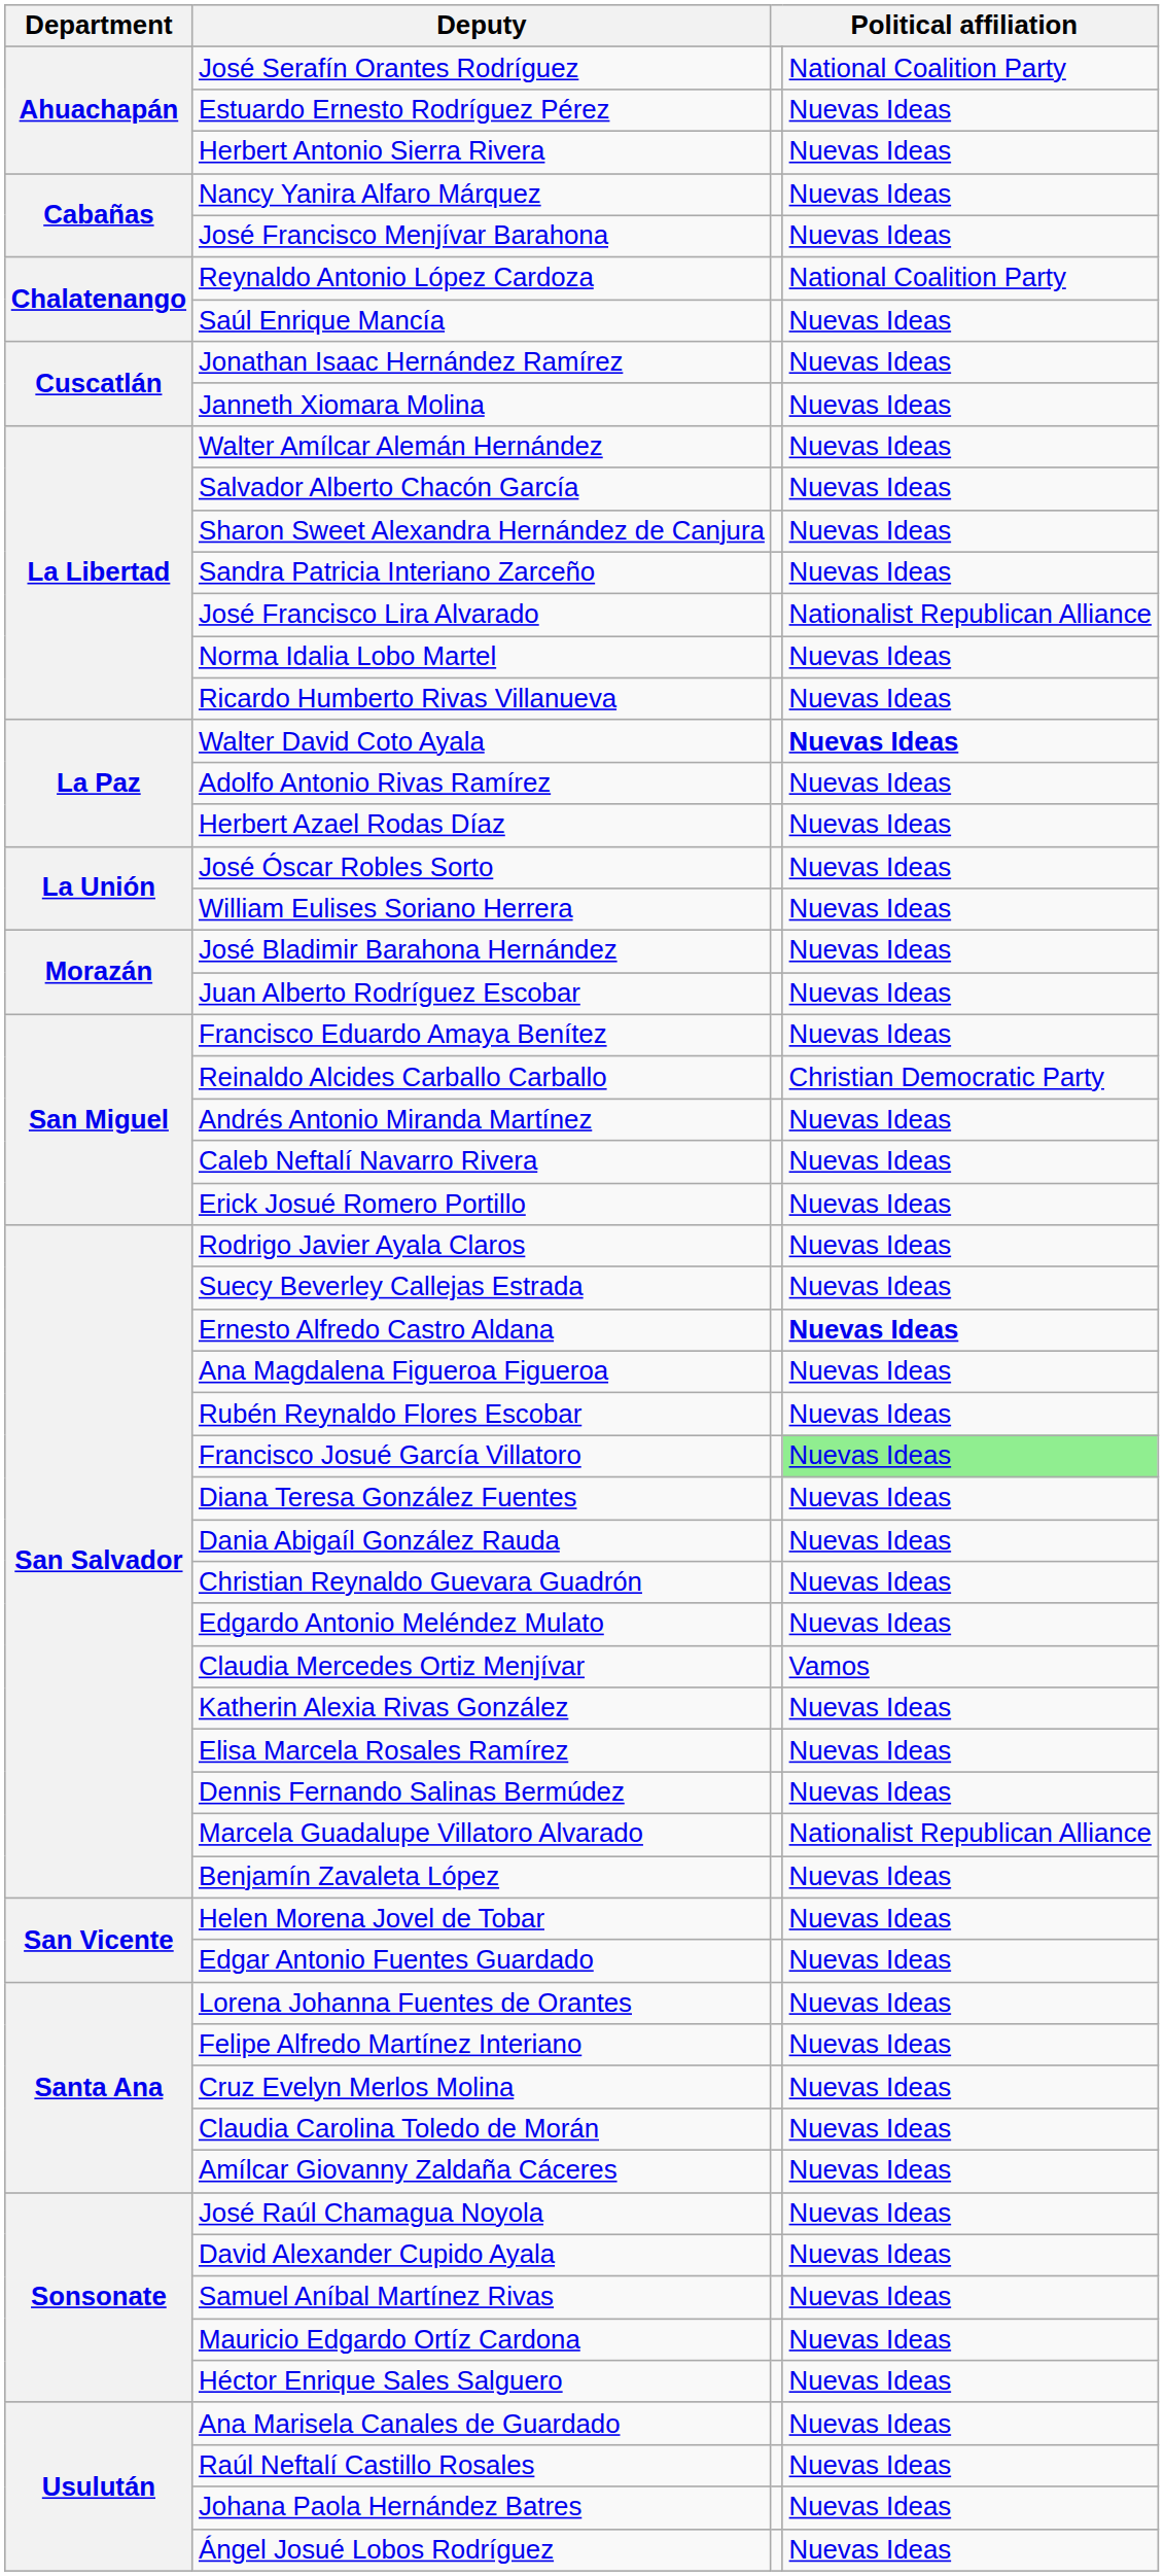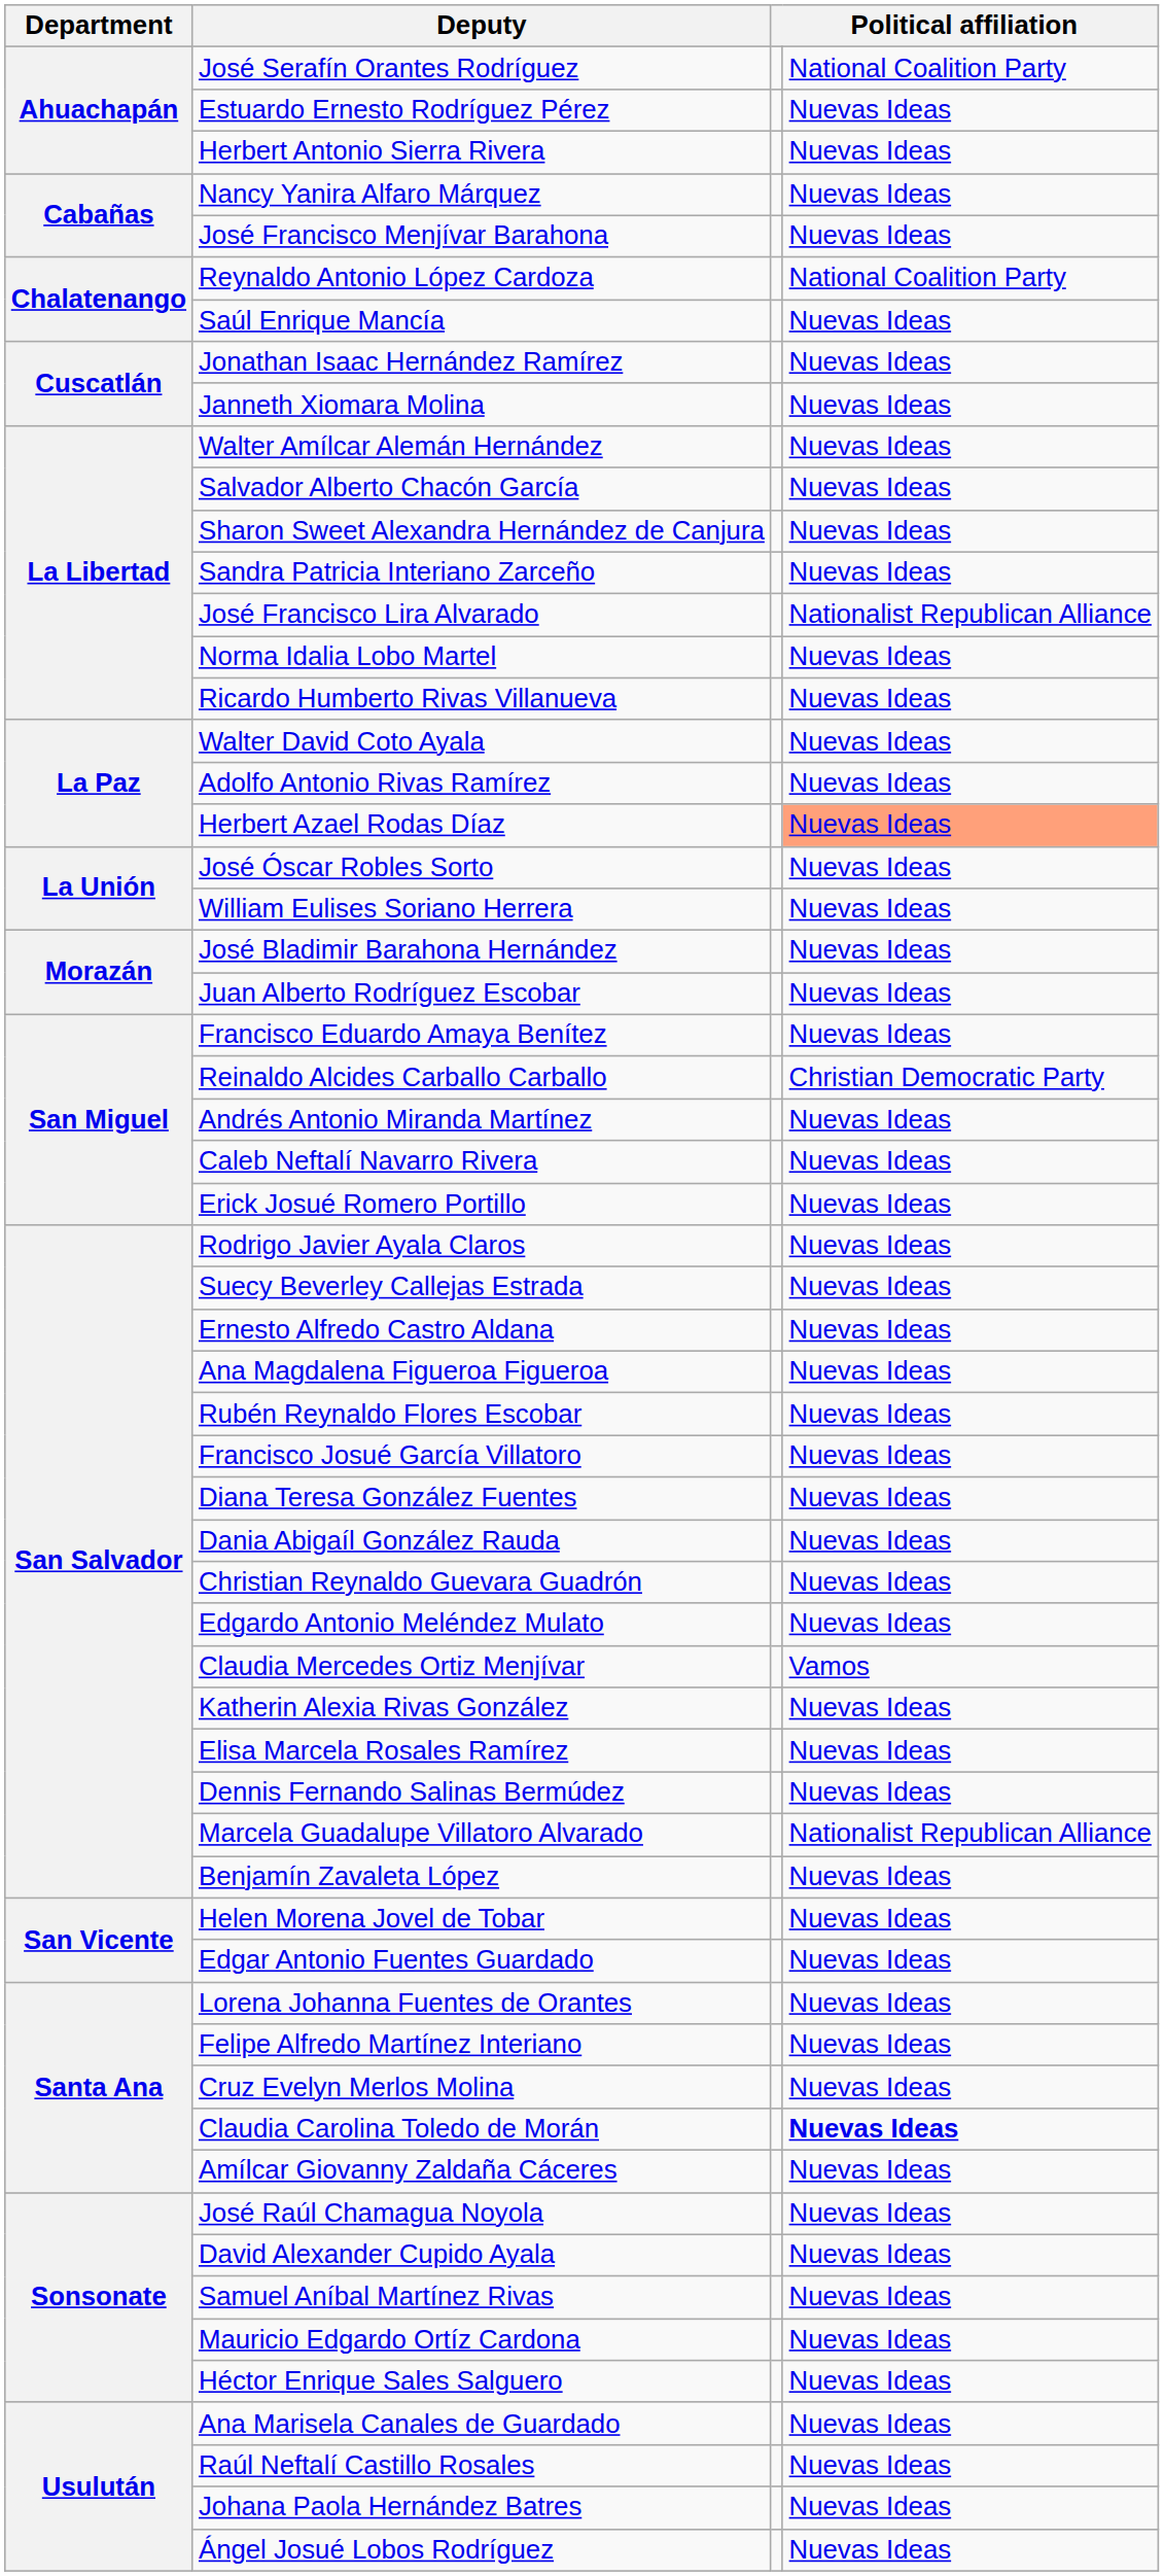 <table class="wikitable sortable">
 <tr>
 <th>Department</th>
 <th>Deputy</th>
 <th colspan="2">Political affiliation</th>
 </tr>
 <tr>
 <th rowspan="3"><a href='#'>Ahuachapán</a></th>
 <td data-sort-value="Orantes Rodriguez, Jose Serafin"><a href='#'>José Serafín Orantes Rodríguez</a></td>
 <td></td>
 <td><a href='#'>National Coalition Party</a></td>
 </tr>
 <tr>
 <td data-sort-value="Rodriguez Perez, Estuardo Ernesto"><a href='#'>Estuardo Ernesto Rodríguez Pérez</a></td>
 <td></td>
 <td><a href='#'>Nuevas Ideas</a></td>
 </tr>
 <tr>
 <td data-sort-value="Sierra Rivera, Herberth Antonio"><a href='#'>Herbert Antonio Sierra Rivera</a></td>
 <td></td>
 <td><a href='#'>Nuevas Ideas</a></td>
 </tr>
 <tr>
 <th rowspan="2"><a href='#'>Cabañas</a></th>
 <td data-sort-value="Alfaro Marquez, Nancy Yanira"><a href='#'>Nancy Yanira Alfaro Márquez</a></td>
 <td></td>
 <td><a href='#'>Nuevas Ideas</a></td>
 </tr>
 <tr>
 <td data-sort-value="Menjivar Barahona, Jose Francisco"><a href='#'>José Francisco Menjívar Barahona</a></td>
 <td></td>
 <td><a href='#'>Nuevas Ideas</a></td>
 </tr>
 <tr>
 <th rowspan="2"><a href='#'>Chalatenango</a></th>
 <td data-sort-value="Lopez Cardoza, Reynaldo Antonio"><a href='#'>Reynaldo Antonio López Cardoza</a></td>
 <td></td>
 <td><a href='#'>National Coalition Party</a></td>
 </tr>
 <tr>
 <td data-sort-value="Mancia, Saul Enrique"><a href='#'>Saúl Enrique Mancía</a></td>
 <td></td>
 <td><a href='#'>Nuevas Ideas</a></td>
 </tr>
 <tr>
 <th rowspan="2"><a href='#'>Cuscatlán</a></th>
 <td data-sort-value="Hernandez Ramirez, Jonathan Isaac"><a href='#'>Jonathan Isaac Hernández Ramírez</a></td>
 <td></td>
 <td><a href='#'>Nuevas Ideas</a></td>
 </tr>
 <tr>
 <td data-sort-value="Molina, Janneth Xiomara"><a href='#'>Janneth Xiomara Molina</a></td>
 <td></td>
 <td><a href='#'>Nuevas Ideas</a></td>
 </tr>
 <tr>
 <th rowspan="7"><a href='#'>La Libertad</a></th>
 <td data-sort-value="Aleman Hernandez, Walter Amilcar"><a href='#'>Walter Amílcar Alemán Hernández</a></td>
 <td></td>
 <td><a href='#'>Nuevas Ideas</a></td>
 </tr>
 <tr>
 <td data-sort-value="Chacon Garcia, Salvador Alberto"><a href='#'>Salvador Alberto Chacón García</a></td>
 <td></td>
 <td><a href='#'>Nuevas Ideas</a></td>
 </tr>
 <tr>
 <td data-sort-value="Hernandez de Canjura, Sharon Sweet Alexandra"><a href='#'>Sharon Sweet Alexandra Hernández de Canjura</a></td>
 <td></td>
 <td><a href='#'>Nuevas Ideas</a></td>
 </tr>
 <tr>
 <td data-sort-value="Interiano Zarceno, Sandra Patricia"><a href='#'>Sandra Patricia Interiano Zarceño</a></td>
 <td></td>
 <td><a href='#'>Nuevas Ideas</a></td>
 </tr>
 <tr>
 <td data-sort-value="Lira Alvarado, Jose Francisco"><a href='#'>José Francisco Lira Alvarado</a></td>
 <td></td>
 <td><a href='#'>Nationalist Republican Alliance</a></td>
 </tr>
 <tr>
 <td data-sort-value="Lobo Martel, Norma Idalia"><a href='#'>Norma Idalia Lobo Martel</a></td>
 <td></td>
 <td><a href='#'>Nuevas Ideas</a></td>
 </tr>
 <tr>
 <td data-sort-value="Rivas Villanueva, Ricardo Humberto"><a href='#'>Ricardo Humberto Rivas Villanueva</a></td>
 <td></td>
 <td><a href='#'>Nuevas Ideas</a></td>
 </tr>
 <tr>
 <th rowspan="3"><a href='#'>La Paz</a></th>
 <td data-sort-value="Coto Ayala, Walter David"><a href='#'>Walter David Coto Ayala</a></td>
 <td></td>
-<td><strong><a href='#'>Nuevas Ideas</a></strong></td>
+<td><a href='#'>Nuevas Ideas</a></td>
 </tr>
 <tr>
 <td data-sort-value="Rivas Ramirez, Adolfo Antonio"><a href='#'>Adolfo Antonio Rivas Ramírez</a></td>
 <td></td>
 <td><a href='#'>Nuevas Ideas</a></td>
 </tr>
 <tr>
 <td data-sort-value="Rodas Diaz, Herbert Azael"><a href='#'>Herbert Azael Rodas Díaz</a></td>
 <td></td>
-<td><a href='#'>Nuevas Ideas</a></td>
+<td style="background: lightsalmon;"><a href='#'>Nuevas Ideas</a></td>
 </tr>
 <tr>
 <th rowspan="2"><a href='#'>La Unión</a></th>
 <td data-sort-value="Robles Soto, Jose Oscar"><a href='#'>José Óscar Robles Sorto</a></td>
 <td></td>
 <td><a href='#'>Nuevas Ideas</a></td>
 </tr>
 <tr>
 <td data-sort-value="Soriano Herrera, William Eulises"><a href='#'>William Eulises Soriano Herrera</a></td>
 <td></td>
 <td><a href='#'>Nuevas Ideas</a></td>
 </tr>
 <tr>
 <th rowspan="2"><a href='#'>Morazán</a></th>
 <td data-sort-value="Barahona Hernandez, Jose Bladimir"><a href='#'>José Bladimir Barahona Hernández</a></td>
 <td></td>
 <td><a href='#'>Nuevas Ideas</a></td>
 </tr>
 <tr>
 <td data-sort-value="Rodriguez Escobar, Juan Alberto"><a href='#'>Juan Alberto Rodríguez Escobar</a></td>
 <td></td>
 <td><a href='#'>Nuevas Ideas</a></td>
 </tr>
 <tr>
 <th rowspan="5"><a href='#'>San Miguel</a></th>
 <td data-sort-value="Amaya Benitez, Francisco Eduardo"><a href='#'>Francisco Eduardo Amaya Benítez</a></td>
 <td></td>
 <td><a href='#'>Nuevas Ideas</a></td>
 </tr>
 <tr>
 <td data-sort-value="Carballo Carballo, Reinaldo Alcides"><a href='#'>Reinaldo Alcides Carballo Carballo</a></td>
 <td></td>
 <td><a href='#'>Christian Democratic Party</a></td>
 </tr>
 <tr>
 <td data-sort-value="Miranda Martinez, Andres Antonio"><a href='#'>Andrés Antonio Miranda Martínez</a></td>
 <td></td>
 <td><a href='#'>Nuevas Ideas</a></td>
 </tr>
 <tr>
 <td data-sort-value="Navarro Rivera, Caleb Neftali"><a href='#'>Caleb Neftalí Navarro Rivera</a></td>
 <td></td>
 <td><a href='#'>Nuevas Ideas</a></td>
 </tr>
 <tr>
 <td data-sort-value="Romero Portillo, Erick Josue"><a href='#'>Erick Josué Romero Portillo</a></td>
 <td></td>
 <td><a href='#'>Nuevas Ideas</a></td>
 </tr>
 <tr>
 <th rowspan="16"><a href='#'>San Salvador</a></th>
 <td data-sort-value="Ayala Claros, Rodrigo Javier"><a href='#'>Rodrigo Javier Ayala Claros</a></td>
 <td></td>
 <td><a href='#'>Nuevas Ideas</a></td>
 </tr>
 <tr>
 <td data-sort-value="Callejas Estrada, Suecy Beverley "><a href='#'>Suecy Beverley Callejas Estrada</a></td>
 <td></td>
 <td><a href='#'>Nuevas Ideas</a></td>
 </tr>
 <tr>
 <td data-sort-value="Castro Aldana, Ernesto Alfredo"><a href='#'>Ernesto Alfredo Castro Aldana</a></td>
 <td></td>
-<td><strong><a href='#'>Nuevas Ideas</a></strong></td>
+<td><a href='#'>Nuevas Ideas</a></td>
 </tr>
 <tr>
 <td data-sort-value="Figueroa Figueroa, Ana Magdalena"><a href='#'>Ana Magdalena Figueroa Figueroa</a></td>
 <td></td>
 <td><a href='#'>Nuevas Ideas</a></td>
 </tr>
 <tr>
 <td data-sort-value="Flores Escobar, Reuben Reynaldo"><a href='#'>Rubén Reynaldo Flores Escobar</a></td>
 <td></td>
 <td><a href='#'>Nuevas Ideas</a></td>
 </tr>
 <tr>
 <td data-sort-value="Garcia Villatoro, Francisco Jose"><a href='#'>Francisco Josué García Villatoro</a></td>
 <td></td>
-<td style="background: lightgreen;"><a href='#'>Nuevas Ideas</a></td>
+<td><a href='#'>Nuevas Ideas</a></td>
 </tr>
 <tr>
 <td data-sort-value="Gonzalez Fuentes, Diana Teresa"><a href='#'>Diana Teresa González Fuentes</a></td>
 <td></td>
 <td><a href='#'>Nuevas Ideas</a></td>
 </tr>
 <tr>
 <td data-sort-value="Gonzalez Rauda, Dania Abigail"><a href='#'>Dania Abigaíl González Rauda</a></td>
 <td></td>
 <td><a href='#'>Nuevas Ideas</a></td>
 </tr>
 <tr>
 <td data-sort-value="Guevara Guadron, Christian Reynaldo"><a href='#'>Christian Reynaldo Guevara Guadrón</a></td>
 <td></td>
 <td><a href='#'>Nuevas Ideas</a></td>
 </tr>
 <tr>
 <td data-sort-value="Melendez Mulato, Edgardo Antonio"><a href='#'>Edgardo Antonio Meléndez Mulato</a></td>
 <td></td>
 <td><a href='#'>Nuevas Ideas</a></td>
 </tr>
 <tr>
 <td data-sort-value="Ortiz Menjivar, Claudia Mercedes"><a href='#'>Claudia Mercedes Ortiz Menjívar</a></td>
 <td></td>
 <td><a href='#'>Vamos</a></td>
 </tr>
 <tr>
 <td data-sort-value="Rivas Gonzalez, Katherin Alexia"><a href='#'>Katherin Alexia Rivas González</a></td>
 <td></td>
 <td><a href='#'>Nuevas Ideas</a></td>
 </tr>
 <tr>
 <td data-sort-value="Rosales Ramires, Elisa Marcela"><a href='#'>Elisa Marcela Rosales Ramírez</a></td>
 <td></td>
 <td><a href='#'>Nuevas Ideas</a></td>
 </tr>
 <tr>
 <td data-sort-value="Salinas Bermudez, Dennis Fernando"><a href='#'>Dennis Fernando Salinas Bermúdez</a></td>
 <td></td>
 <td><a href='#'>Nuevas Ideas</a></td>
 </tr>
 <tr>
 <td data-sort-value="Villatoro Alvarado, Marcela Guadalupe"><a href='#'>Marcela Guadalupe Villatoro Alvarado</a></td>
 <td></td>
 <td><a href='#'>Nationalist Republican Alliance</a></td>
 </tr>
 <tr>
 <td data-sort-value="Zavaleta Lopez, Benjamin"><a href='#'>Benjamín Zavaleta López</a></td>
 <td></td>
 <td><a href='#'>Nuevas Ideas</a></td>
 </tr>
 <tr>
 <th rowspan="2"><a href='#'>San Vicente</a></th>
 <td data-sort-value="Jovel de Tobar, Helen Morena"><a href='#'>Helen Morena Jovel de Tobar</a></td>
 <td></td>
 <td><a href='#'>Nuevas Ideas</a></td>
 </tr>
 <tr>
 <td data-sort-value="Fuentes Guardado, Edgar Antonio"><a href='#'>Edgar Antonio Fuentes Guardado</a></td>
 <td></td>
 <td><a href='#'>Nuevas Ideas</a></td>
 </tr>
 <tr>
 <th rowspan="5"><a href='#'>Santa Ana</a></th>
 <td data-sort-value="Fuentes de Orantes, Lorena Johanna"><a href='#'>Lorena Johanna Fuentes de Orantes</a></td>
 <td></td>
 <td><a href='#'>Nuevas Ideas</a></td>
 </tr>
 <tr>
 <td data-sort-value="Martinez Interiano, Felipe Alfredo"><a href='#'>Felipe Alfredo Martínez Interiano</a></td>
 <td></td>
 <td><a href='#'>Nuevas Ideas</a></td>
 </tr>
 <tr>
 <td data-sort-value="Merlos Molina, Cruz Evelyn"><a href='#'>Cruz Evelyn Merlos Molina</a></td>
 <td></td>
 <td><a href='#'>Nuevas Ideas</a></td>
 </tr>
 <tr>
 <td data-sort-value="Toledo de Moran, Claudia Carolina"><a href='#'>Claudia Carolina Toledo de Morán</a></td>
 <td></td>
-<td><a href='#'>Nuevas Ideas</a></td>
+<td><strong><a href='#'>Nuevas Ideas</a></strong></td>
 </tr>
 <tr>
 <td data-sort-value="Zaldana Caceres, Amilcar Giovanny"><a href='#'>Amílcar Giovanny Zaldaña Cáceres</a></td>
 <td></td>
 <td><a href='#'>Nuevas Ideas</a></td>
 </tr>
 <tr>
 <th rowspan="5"><a href='#'>Sonsonate</a></th>
 <td data-sort-value="Chamagua Noyola, Jose Raul"><a href='#'>José Raúl Chamagua Noyola</a></td>
 <td></td>
 <td><a href='#'>Nuevas Ideas</a></td>
 </tr>
 <tr>
 <td data-sort-value="Cupido Ayala, David Alexander"><a href='#'>David Alexander Cupido Ayala</a></td>
 <td></td>
 <td><a href='#'>Nuevas Ideas</a></td>
 </tr>
 <tr>
 <td data-sort-value="Martinez Rivas, Samuel Anibal"><a href='#'>Samuel Aníbal Martínez Rivas</a></td>
 <td></td>
 <td><a href='#'>Nuevas Ideas</a></td>
 </tr>
 <tr>
 <td data-sort-value="Ortiz Cardona, Mauricio Edgardo"><a href='#'>Mauricio Edgardo Ortíz Cardona</a></td>
 <td></td>
 <td><a href='#'>Nuevas Ideas</a></td>
 </tr>
 <tr>
 <td data-sort-value="Sales Salguero, Hector Enrique"><a href='#'>Héctor Enrique Sales Salguero</a></td>
 <td></td>
 <td><a href='#'>Nuevas Ideas</a></td>
 </tr>
 <tr>
 <th rowspan="4"><a href='#'>Usulután</a></th>
 <td data-sort-value="Canales de Guardado, Ana Marisela"><a href='#'>Ana Marisela Canales de Guardado</a></td>
 <td></td>
 <td><a href='#'>Nuevas Ideas</a></td>
 </tr>
 <tr>
 <td data-sort-value="Castillo Rosales, Raul Neftali"><a href='#'>Raúl Neftalí Castillo Rosales</a></td>
 <td></td>
 <td><a href='#'>Nuevas Ideas</a></td>
 </tr>
 <tr>
 <td data-sort-value="Hernandez Batres, Johana Paola"><a href='#'>Johana Paola Hernández Batres</a></td>
 <td></td>
 <td><a href='#'>Nuevas Ideas</a></td>
 </tr>
 <tr>
 <td data-sort-value="Lobos Rodriguez, Angel Josue"><a href='#'>Ángel Josué Lobos Rodríguez</a></td>
 <td></td>
 <td><a href='#'>Nuevas Ideas</a></td>
 </tr>
 </table>
